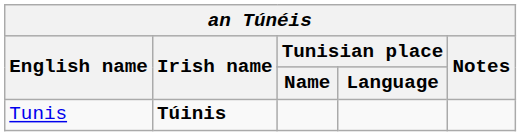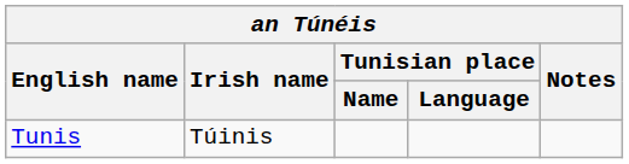 <table class="wikitable sortable">
 <tr>
 <th colspan="5"> <em>an Túnéis</em></th>
 </tr>
 <tr>
 <th rowspan="2">English name</th>
 <th rowspan="2">Irish name</th>
 <th colspan="2">Tunisian place</th>
 <th rowspan="2">Notes</th>
 </tr>
 <tr>
 <th>Name</th>
 <th>Language</th>
 </tr>
 <tr>
 <td><a href='#'>Tunis</a></td>
-<td><strong>Túinis</strong></td>
+<td>Túinis</td>
 <td></td>
 <td></td>
 <td></td>
 </tr>
 </table>
